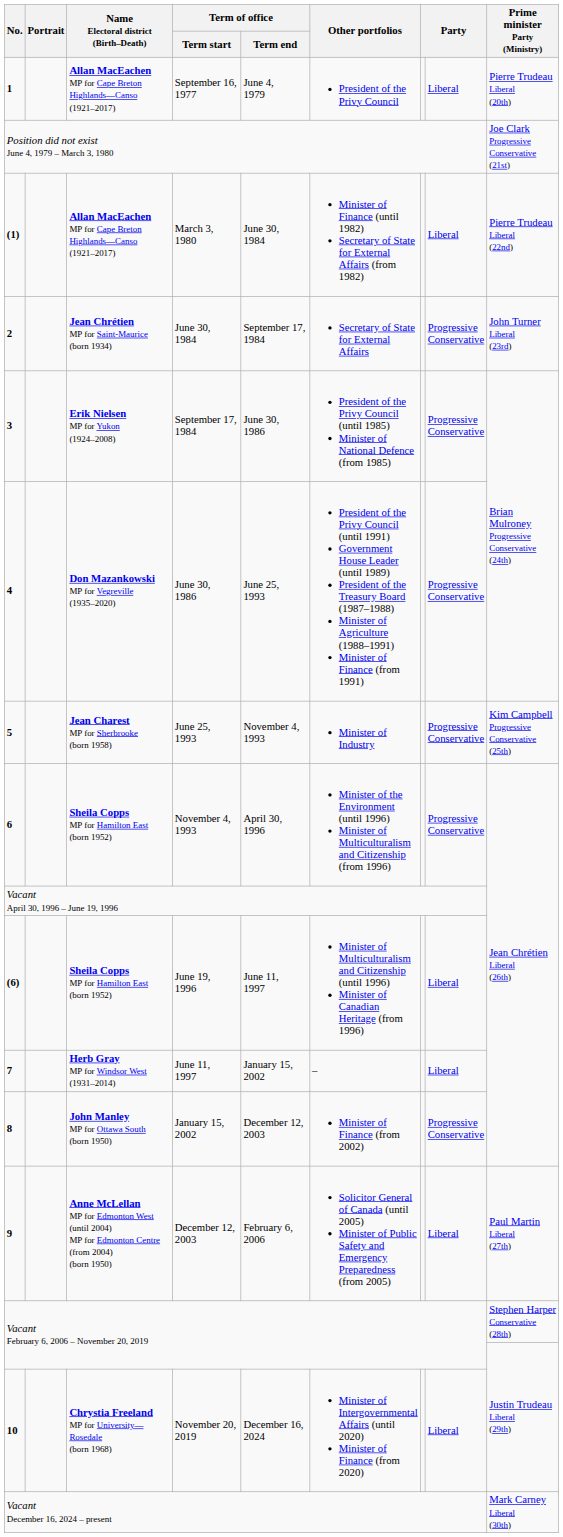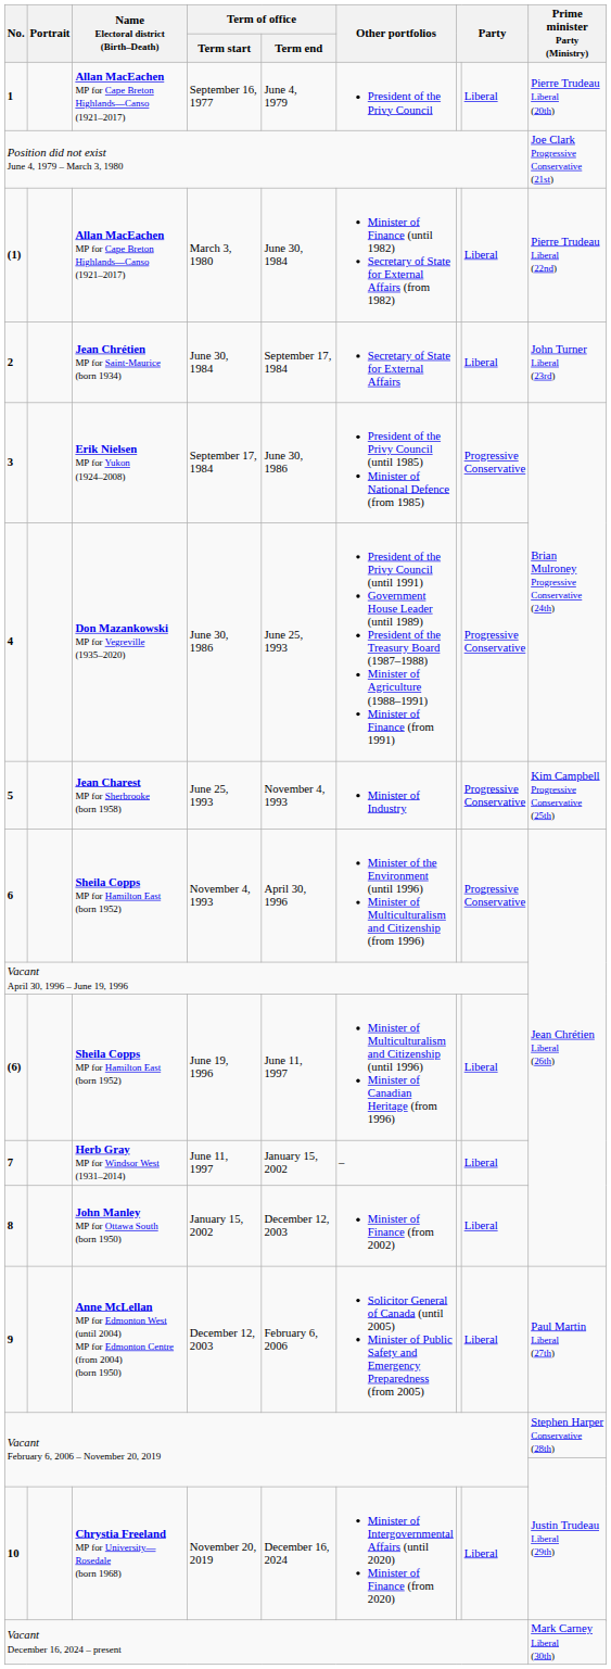 <table class="wikitable sortable sticky-header-multi" style=text-align:center" style="margin:1em auto;">
 <tr>
 <th rowspan="2">No.</th>
 <th rowspan="2" scope="col">Portrait</th>
 <th rowspan="2" scope="col" width="150px">Name<br><small>Electoral district<br>(Birth–Death)</small></th>
 <th colspan="2" scope="col">Term of office</th>
 <th rowspan="2" width="150px">Other portfolios</th>
 <th colspan="2" rowspan="2">Party</th>
 <th rowspan="2" width="100px">Prime minister<br><small>Party<br>(Ministry)</small></th>
 </tr>
 <tr>
 <th width="95px">Term start</th>
 <th width="95px">Term end</th>
 </tr>
 <tr>
 <td><strong>1</strong></td>
 <td></td>
 <td><strong><a href='#'>Allan MacEachen</a></strong><br><small>MP for <a href='#'>Cape Breton Highlands—Canso</a></small><br><small>(1921–2017)</small></td>
 <td>September 16,<br>1977</td>
 <td>June 4,<br>1979</td>
 <td><br><ul><li><a href='#'>President of the Privy Council</a></li></ul></td>
 <td style="background:"></td>
 <td><a href='#'>Liberal</a></td>
 <td><a href='#'>Pierre Trudeau</a><br><a href='#'><small>Liberal</small></a><br><small>(<a href='#'>20th</a>)</small></td>
 </tr>
 <tr>
 <td colspan="8"><em>Position did not exist</em><br><small>June 4, 1979 – March 3, 1980</small></td>
 <td><a href='#'>Joe Clark</a><br><a href='#'><small>Progressive Conservative</small></a><br><small>(<a href='#'>21st</a>)</small></td>
 </tr>
 <tr>
 <td><strong>(1)</strong></td>
 <td></td>
 <td><strong><a href='#'>Allan MacEachen</a></strong><br><small>MP for <a href='#'>Cape Breton Highlands—Canso</a></small><br><small>(1921–2017)</small></td>
 <td>March 3,<br>1980</td>
 <td>June 30,<br>1984</td>
 <td><br><ul><li><a href='#'>Minister of Finance</a> (until 1982)</li><li><a href='#'>Secretary of State for External Affairs</a> (from 1982)</li></ul></td>
 <td style="background:"></td>
 <td><a href='#'>Liberal</a></td>
 <td><a href='#'>Pierre Trudeau</a><br><a href='#'><small>Liberal</small></a><br><small>(<a href='#'>22nd</a>)</small></td>
 </tr>
 <tr>
 <td><strong>2</strong></td>
 <td></td>
 <td><strong><a href='#'>Jean Chrétien</a></strong><br><small>MP for <a href='#'>Saint-Maurice</a></small><br><small>(born 1934)</small></td>
 <td>June 30,<br>1984</td>
 <td>September 17,<br>1984</td>
 <td><br><ul><li><a href='#'>Secretary of State for External Affairs</a></li></ul></td>
 <td style="background:"></td>
-<td><a href='#'>Progressive<br>Conservative</a></td>
+<td><a href='#'>Liberal</a></td>
 <td><a href='#'>John Turner</a><br><a href='#'><small>Liberal</small></a><br><small>(<a href='#'>23rd</a>)</small></td>
 </tr>
 <tr>
 <td><strong>3</strong></td>
 <td></td>
 <td><strong><a href='#'>Erik Nielsen</a></strong><br><small>MP for <a href='#'>Yukon</a></small><br><small>(1924–2008)</small></td>
 <td>September 17,<br>1984</td>
 <td>June 30,<br>1986</td>
 <td><br><ul><li><a href='#'>President of the Privy Council</a> (until 1985)</li><li><a href='#'>Minister of National Defence</a> (from 1985)</li></ul></td>
 <td style="background:"></td>
 <td><a href='#'>Progressive<br>Conservative</a></td>
 <td rowspan="2"><a href='#'>Brian Mulroney</a><br><a href='#'><small>Progressive Conservative</small></a><br><small>(<a href='#'>24th</a>)</small></td>
 </tr>
 <tr>
 <td><strong>4</strong></td>
 <td></td>
 <td><strong><a href='#'>Don Mazankowski</a></strong><br><small>MP for <a href='#'>Vegreville</a></small><br><small>(1935–2020)</small></td>
 <td>June 30,<br>1986</td>
 <td>June 25,<br>1993</td>
 <td><br><ul><li><a href='#'>President of the Privy Council</a> (until 1991)</li><li><a href='#'>Government House Leader</a> (until 1989)</li><li><a href='#'>President of the Treasury Board</a> (1987–1988)</li><li><a href='#'>Minister of Agriculture</a> (1988–1991)</li><li><a href='#'>Minister of Finance</a> (from 1991)</li></ul></td>
 <td style="background:"></td>
 <td><a href='#'>Progressive<br>Conservative</a></td>
 </tr>
 <tr>
 <td><strong>5</strong></td>
 <td></td>
 <td><strong><a href='#'>Jean Charest</a></strong><br><small>MP for <a href='#'>Sherbrooke</a></small><br><small>(born 1958)</small></td>
 <td>June 25,<br>1993</td>
 <td>November 4,<br>1993</td>
 <td><br><ul><li><a href='#'>Minister of Industry</a></li></ul></td>
 <td style="background:"></td>
 <td><a href='#'>Progressive<br>Conservative</a></td>
 <td><a href='#'>Kim Campbell</a><br><a href='#'><small>Progressive Conservative</small></a><br><small>(<a href='#'>25th</a>)</small></td>
 </tr>
 <tr>
 <td><strong>6</strong></td>
 <td></td>
 <td><strong><a href='#'>Sheila Copps</a></strong><br><small>MP for <a href='#'>Hamilton East</a></small><br><small>(born 1952)</small></td>
 <td>November 4,<br>1993</td>
 <td>April 30,<br>1996</td>
 <td><br><ul><li><a href='#'>Minister of the Environment</a> (until 1996)</li><li><a href='#'>Minister of Multiculturalism and Citizenship</a> (from 1996)</li></ul></td>
 <td style="background:"></td>
 <td><a href='#'>Progressive<br>Conservative</a></td>
 <td rowspan="5"><a href='#'>Jean Chrétien</a><br><a href='#'><small>Liberal</small></a><br><small>(<a href='#'>26th</a>)</small></td>
 </tr>
 <tr>
 <td colspan="8"><em>Vacant</em><br><small>April 30, 1996 – June 19, 1996</small></td>
 </tr>
 <tr>
 <td><strong>(6)</strong></td>
 <td></td>
 <td><strong><a href='#'>Sheila Copps</a></strong><br><small>MP for <a href='#'>Hamilton East</a></small><br><small>(born 1952)</small></td>
 <td>June 19,<br>1996</td>
 <td>June 11,<br>1997</td>
 <td><br><ul><li><a href='#'>Minister of Multiculturalism and Citizenship</a> (until 1996)</li><li><a href='#'>Minister of Canadian Heritage</a> (from 1996)</li></ul></td>
 <td style="background:"></td>
 <td><a href='#'>Liberal</a></td>
 </tr>
 <tr>
 <td><strong>7</strong></td>
 <td></td>
 <td><strong><a href='#'>Herb Gray</a></strong><br><small>MP for <a href='#'>Windsor West</a></small><br><small>(1931–2014)</small></td>
 <td>June 11,<br>1997</td>
 <td>January 15,<br>2002</td>
 <td>–</td>
 <td style="background:"></td>
 <td><a href='#'>Liberal</a></td>
 </tr>
 <tr>
 <td><strong>8</strong></td>
 <td></td>
 <td><strong><a href='#'>John Manley</a></strong><br><small>MP for <a href='#'>Ottawa South</a></small><br><small>(born 1950)</small></td>
 <td>January 15,<br>2002</td>
 <td>December 12,<br>2003</td>
 <td><br><ul><li><a href='#'>Minister of Finance</a> (from 2002)</li></ul></td>
 <td style="background:"></td>
-<td><a href='#'>Progressive<br>Conservative</a></td>
+<td><a href='#'>Liberal</a></td>
 </tr>
 <tr>
 <td><strong>9</strong></td>
 <td></td>
 <td><strong><a href='#'>Anne McLellan</a></strong><br><small>MP for <a href='#'>Edmonton West</a> (until 2004)<br>MP for <a href='#'>Edmonton Centre</a> (from 2004)</small><br><small>(born 1950)</small></td>
 <td>December 12,<br>2003</td>
 <td>February 6,<br>2006</td>
 <td><br><ul><li><a href='#'>Solicitor General of Canada</a> (until 2005)</li><li><a href='#'>Minister of Public Safety and Emergency Preparedness</a> (from 2005)</li></ul></td>
 <td style="background:"></td>
 <td><a href='#'>Liberal</a></td>
 <td><a href='#'>Paul Martin</a><br><a href='#'><small>Liberal</small></a><br><small>(<a href='#'>27th</a>)</small></td>
 </tr>
 <tr>
 <td colspan="8" rowspan="2"><em>Vacant</em><br><small>February 6, 2006 – November 20, 2019</small></td>
 <td><a href='#'>Stephen Harper</a><br><small><a href='#'>Conservative</a></small><br><small>(<a href='#'>28th</a>)</small></td>
 </tr>
 <tr style="height:40px">
 <td rowspan="3"><a href='#'>Justin Trudeau</a><br><a href='#'><small>Liberal</small></a><br><small>(<a href='#'>29th</a>)</small></td>
 </tr>
 <tr>
 <td><strong>10</strong></td>
 <td></td>
 <td><strong><a href='#'>Chrystia Freeland</a></strong><br><small>MP for <a href='#'>University—Rosedale</a></small><br><small>(born 1968)</small></td>
 <td>November 20,<br>2019</td>
 <td>December 16, <br>2024</td>
 <td><br><ul><li><a href='#'>Minister of Intergovernmental Affairs</a> (until 2020)</li><li><a href='#'>Minister of Finance</a> (from 2020)</li></ul></td>
 <td style="background:"></td>
 <td><a href='#'>Liberal</a></td>
 </tr>
 <tr>
 <td colspan="8" rowspan="2"><em>Vacant</em><br><small>December 16, 2024 – present</small></td>
 </tr>
 <tr>
 <td><a href='#'>Mark Carney</a><br><a href='#'><small>Liberal</small></a><br><small>(<a href='#'>30th</a>)</small></td>
 </tr>
 </table>
